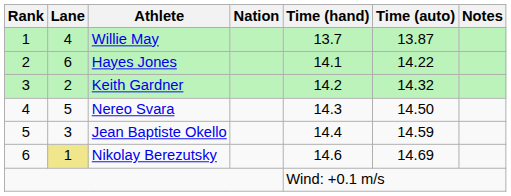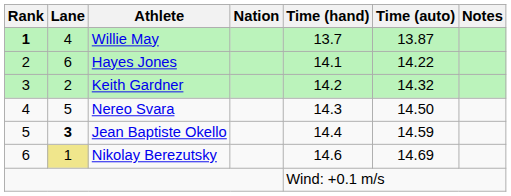 <table class="wikitable sortable" style="text-align:center">
 <tr>
 <th>Rank</th>
 <th>Lane</th>
 <th>Athlete</th>
 <th>Nation</th>
 <th>Time (hand)</th>
 <th>Time (auto)</th>
 <th>Notes</th>
 </tr>
 <tr bgcolor=bbf3bb>
-<td>1</td>
+<td><strong>1</strong></td>
 <td>4</td>
 <td align=left><a href='#'>Willie May</a></td>
 <td align=left></td>
 <td>13.7</td>
 <td>13.87</td>
 <td></td>
 </tr>
 <tr bgcolor=bbf3bb>
 <td>2</td>
 <td>6</td>
 <td align=left><a href='#'>Hayes Jones</a></td>
 <td align=left></td>
 <td>14.1</td>
 <td>14.22</td>
 <td></td>
 </tr>
 <tr bgcolor=bbf3bb>
 <td>3</td>
 <td>2</td>
 <td align=left><a href='#'>Keith Gardner</a></td>
 <td align=left></td>
 <td>14.2</td>
 <td>14.32</td>
 <td></td>
 </tr>
 <tr>
 <td>4</td>
 <td>5</td>
 <td align=left><a href='#'>Nereo Svara</a></td>
 <td align=left></td>
 <td>14.3</td>
 <td>14.50</td>
 <td></td>
 </tr>
 <tr>
 <td>5</td>
-<td>3</td>
+<td><strong>3</strong></td>
 <td align=left><a href='#'>Jean Baptiste Okello</a></td>
 <td align=left></td>
 <td>14.4</td>
 <td>14.59</td>
 <td></td>
 </tr>
 <tr>
 <td>6</td>
 <td style="background: khaki;">1</td>
 <td align=left><a href='#'>Nikolay Berezutsky</a></td>
 <td align=left></td>
 <td>14.6</td>
 <td>14.69</td>
 <td></td>
 </tr>
 <tr class="sortbottom">
 <td colspan=4></td>
 <td colspan="3" style="text-align:left;">Wind: +0.1 m/s</td>
 </tr>
 </table>
